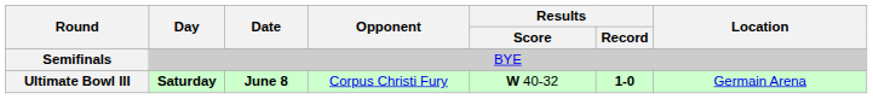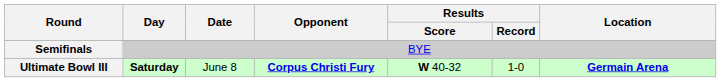 <table class="wikitable">
 <tr>
 <th rowspan="2" width="160">Round</th>
 <th rowspan="2" width="80">Day</th>
 <th rowspan="2" width="90">Date</th>
 <th rowspan="2" width="180">Opponent</th>
 <th colspan="2" width="200">Results</th>
 <th rowspan="2" width="240">Location</th>
 </tr>
 <tr>
 <th width="140">Score</th>
 <th width="60">Record</th>
 </tr>
 <tr align="center" bgcolor="#CCCCCC">
 <th>Semifinals</th>
 <td colSpan=6><a href='#'>BYE</a></td>
 </tr>
 <tr align="center" bgcolor="#CCFFCC">
 <th>Ultimate Bowl III</th>
 <td><strong>Saturday</strong></td>
-<td><strong>June 8</strong></td>
-<td><a href='#'>Corpus Christi Fury</a></td>
+<td>June 8</td>
+<td><strong><a href='#'>Corpus Christi Fury</a></strong></td>
 <td><strong>W</strong> 40-32</td>
-<td><strong>1-0</strong></td>
-<td><a href='#'>Germain Arena</a></td>
+<td>1-0</td>
+<td><strong><a href='#'>Germain Arena</a></strong></td>
 </tr>
 </table>
